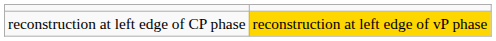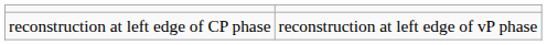 <table class="wikitable">
 <tr>
 <td></td>
 <td></td>
 </tr>
 <tr>
 <td>reconstruction at left edge of CP phase</td>
-<td style="background: gold;">reconstruction at left edge of vP phase</td>
+<td>reconstruction at left edge of vP phase</td>
 </tr>
 </table>
